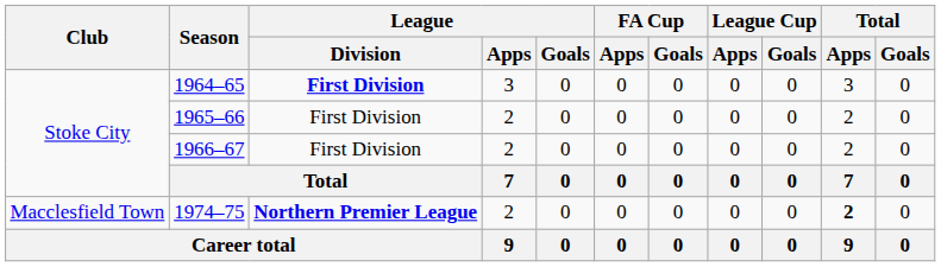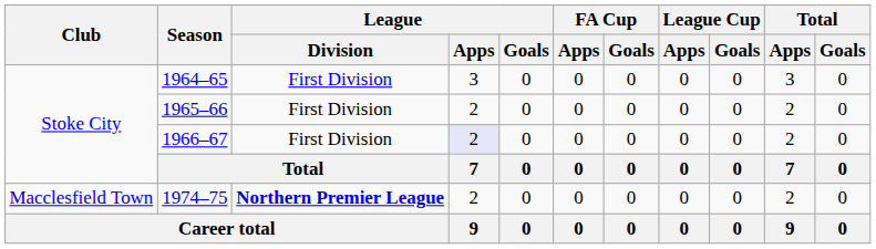 <table class="wikitable" style="text-align:center">
 <tr>
 <th rowspan="2">Club</th>
 <th rowspan="2">Season</th>
 <th colspan="3">League</th>
 <th colspan="2">FA Cup</th>
 <th colspan="2">League Cup</th>
 <th colspan="2">Total</th>
 </tr>
 <tr>
 <th>Division</th>
 <th>Apps</th>
 <th>Goals</th>
 <th>Apps</th>
 <th>Goals</th>
 <th>Apps</th>
 <th>Goals</th>
 <th>Apps</th>
 <th>Goals</th>
 </tr>
 <tr>
 <td rowspan="4"><a href='#'>Stoke City</a></td>
 <td><a href='#'>1964–65</a></td>
-<td><strong><a href='#'>First Division</a></strong></td>
+<td><a href='#'>First Division</a></td>
 <td>3</td>
 <td>0</td>
 <td>0</td>
 <td>0</td>
 <td>0</td>
 <td>0</td>
 <td>3</td>
 <td>0</td>
 </tr>
 <tr>
 <td><a href='#'>1965–66</a></td>
 <td>First Division</td>
 <td>2</td>
 <td>0</td>
 <td>0</td>
 <td>0</td>
 <td>0</td>
 <td>0</td>
 <td>2</td>
 <td>0</td>
 </tr>
 <tr>
 <td><a href='#'>1966–67</a></td>
 <td>First Division</td>
-<td>2</td>
+<td style="background: lavender;">2</td>
 <td>0</td>
 <td>0</td>
 <td>0</td>
 <td>0</td>
 <td>0</td>
 <td>2</td>
 <td>0</td>
 </tr>
 <tr>
 <th colspan="2">Total</th>
 <th>7</th>
 <th>0</th>
 <th>0</th>
 <th>0</th>
 <th>0</th>
 <th>0</th>
 <th>7</th>
 <th>0</th>
 </tr>
 <tr>
 <td><a href='#'>Macclesfield Town</a></td>
 <td><a href='#'>1974–75</a></td>
 <td><strong><a href='#'>Northern Premier League</a></strong></td>
 <td>2</td>
 <td>0</td>
 <td>0</td>
 <td>0</td>
 <td>0</td>
 <td>0</td>
-<td><strong>2</strong></td>
+<td>2</td>
 <td>0</td>
 </tr>
 <tr>
 <th colspan="3">Career total</th>
 <th>9</th>
 <th>0</th>
 <th>0</th>
 <th>0</th>
 <th>0</th>
 <th>0</th>
 <th>9</th>
 <th>0</th>
 </tr>
 </table>
